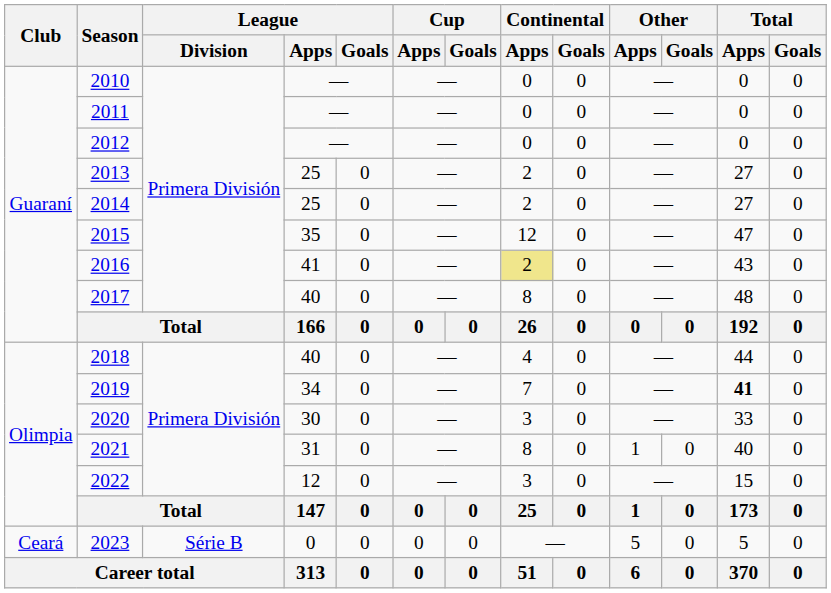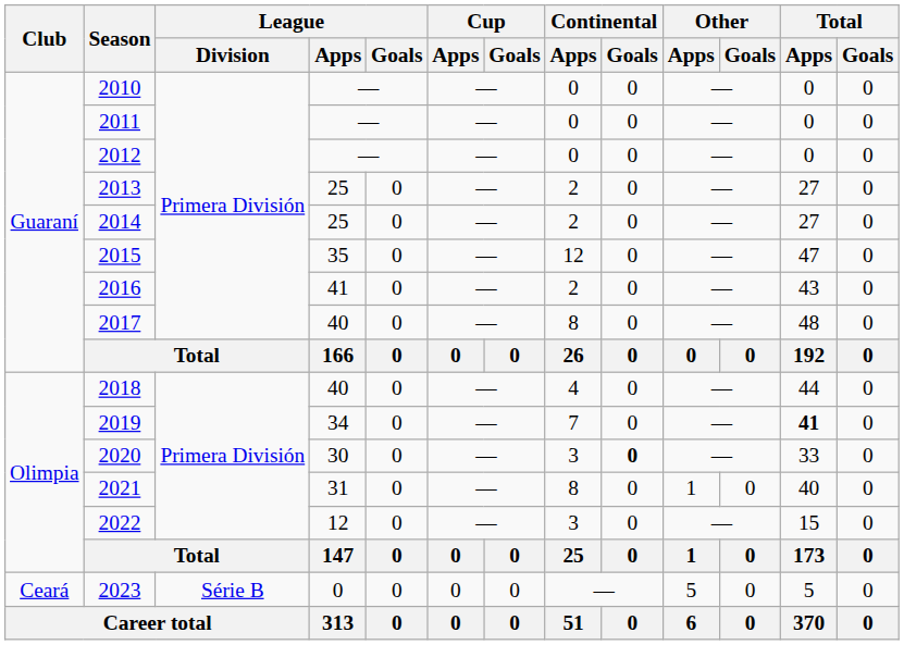 <table class="wikitable" style="text-align:center">
 <tr>
 <th rowspan="2">Club</th>
 <th rowspan="2">Season</th>
 <th colspan="3">League</th>
 <th colspan="2">Cup</th>
 <th colspan="2">Continental</th>
 <th colspan="2">Other</th>
 <th colspan="2">Total</th>
 </tr>
 <tr>
 <th>Division</th>
 <th>Apps</th>
 <th>Goals</th>
 <th>Apps</th>
 <th>Goals</th>
 <th>Apps</th>
 <th>Goals</th>
 <th>Apps</th>
 <th>Goals</th>
 <th>Apps</th>
 <th>Goals</th>
 </tr>
 <tr>
 <td rowspan="9"><a href='#'>Guaraní</a></td>
 <td><a href='#'>2010</a></td>
 <td rowspan="8"><a href='#'>Primera División</a></td>
 <td colspan="2">—</td>
 <td colspan="2">—</td>
 <td>0</td>
 <td>0</td>
 <td colspan="2">—</td>
 <td>0</td>
 <td>0</td>
 </tr>
 <tr>
 <td><a href='#'>2011</a></td>
 <td colspan="2">—</td>
 <td colspan="2">—</td>
 <td>0</td>
 <td>0</td>
 <td colspan="2">—</td>
 <td>0</td>
 <td>0</td>
 </tr>
 <tr>
 <td><a href='#'>2012</a></td>
 <td colspan="2">—</td>
 <td colspan="2">—</td>
 <td>0</td>
 <td>0</td>
 <td colspan="2">—</td>
 <td>0</td>
 <td>0</td>
 </tr>
 <tr>
 <td><a href='#'>2013</a></td>
 <td>25</td>
 <td>0</td>
 <td colspan="2">—</td>
 <td>2</td>
 <td>0</td>
 <td colspan="2">—</td>
 <td>27</td>
 <td>0</td>
 </tr>
 <tr>
 <td><a href='#'>2014</a></td>
 <td>25</td>
 <td>0</td>
 <td colspan="2">—</td>
 <td>2</td>
 <td>0</td>
 <td colspan="2">—</td>
 <td>27</td>
 <td>0</td>
 </tr>
 <tr>
 <td><a href='#'>2015</a></td>
 <td>35</td>
 <td>0</td>
 <td colspan="2">—</td>
 <td>12</td>
 <td>0</td>
 <td colspan="2">—</td>
 <td>47</td>
 <td>0</td>
 </tr>
 <tr>
 <td><a href='#'>2016</a></td>
 <td>41</td>
 <td>0</td>
 <td colspan="2">—</td>
-<td style="background: khaki;">2</td>
+<td>2</td>
 <td>0</td>
 <td colspan="2">—</td>
 <td>43</td>
 <td>0</td>
 </tr>
 <tr>
 <td><a href='#'>2017</a></td>
 <td>40</td>
 <td>0</td>
 <td colspan="2">—</td>
 <td>8</td>
 <td>0</td>
 <td colspan="2">—</td>
 <td>48</td>
 <td>0</td>
 </tr>
 <tr>
 <th colspan="2">Total</th>
 <th>166</th>
 <th>0</th>
 <th>0</th>
 <th>0</th>
 <th>26</th>
 <th>0</th>
 <th>0</th>
 <th>0</th>
 <th>192</th>
 <th>0</th>
 </tr>
 <tr>
 <td rowspan="6"><a href='#'>Olimpia</a></td>
 <td><a href='#'>2018</a></td>
 <td rowspan="5"><a href='#'>Primera División</a></td>
 <td>40</td>
 <td>0</td>
 <td colspan="2">—</td>
 <td>4</td>
 <td>0</td>
 <td colspan="2">—</td>
 <td>44</td>
 <td>0</td>
 </tr>
 <tr>
 <td><a href='#'>2019</a></td>
 <td>34</td>
 <td>0</td>
 <td colspan="2">—</td>
 <td>7</td>
 <td>0</td>
 <td colspan="2">—</td>
 <td><strong>41</strong></td>
 <td>0</td>
 </tr>
 <tr>
 <td><a href='#'>2020</a></td>
 <td>30</td>
 <td>0</td>
 <td colspan="2">—</td>
 <td>3</td>
-<td>0</td>
+<td><strong>0</strong></td>
 <td colspan="2">—</td>
 <td>33</td>
 <td>0</td>
 </tr>
 <tr>
 <td><a href='#'>2021</a></td>
 <td>31</td>
 <td>0</td>
 <td colspan="2">—</td>
 <td>8</td>
 <td>0</td>
 <td>1</td>
 <td>0</td>
 <td>40</td>
 <td>0</td>
 </tr>
 <tr>
 <td><a href='#'>2022</a></td>
 <td>12</td>
 <td>0</td>
 <td colspan="2">—</td>
 <td>3</td>
 <td>0</td>
 <td colspan="2">—</td>
 <td>15</td>
 <td>0</td>
 </tr>
 <tr>
 <th colspan="2">Total</th>
 <th>147</th>
 <th>0</th>
 <th>0</th>
 <th>0</th>
 <th>25</th>
 <th>0</th>
 <th>1</th>
 <th>0</th>
 <th>173</th>
 <th>0</th>
 </tr>
 <tr>
 <td rowspan="1"><a href='#'>Ceará</a></td>
 <td><a href='#'>2023</a></td>
 <td rowspan="1"><a href='#'>Série B</a></td>
 <td>0</td>
 <td>0</td>
 <td>0</td>
 <td>0</td>
 <td colspan="2">—</td>
 <td>5</td>
 <td>0</td>
 <td>5</td>
 <td>0</td>
 </tr>
 <tr>
 <th colspan="3">Career total</th>
 <th>313</th>
 <th>0</th>
 <th>0</th>
 <th>0</th>
 <th>51</th>
 <th>0</th>
 <th>6</th>
 <th>0</th>
 <th>370</th>
 <th>0</th>
 </tr>
 </table>
